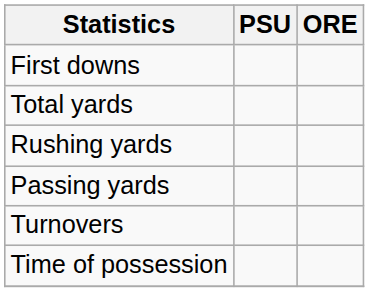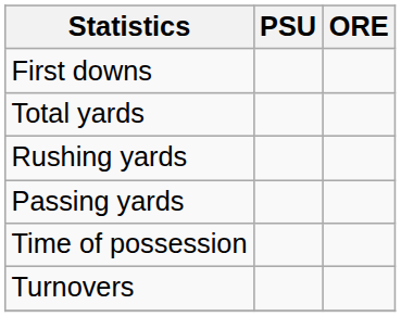 <table class="wikitable" style="float: left;">
 <tr>
 <th>Statistics</th>
 <th>PSU</th>
 <th>ORE</th>
 </tr>
 <tr>
 <td>First downs</td>
 <td></td>
 <td></td>
 </tr>
 <tr>
 <td>Total yards</td>
 <td></td>
 <td></td>
 </tr>
 <tr>
 <td>Rushing yards</td>
 <td></td>
 <td></td>
 </tr>
 <tr>
 <td>Passing yards</td>
 <td></td>
 <td></td>
 </tr>
 <tr>
-<td>Turnovers</td>
+<td>Time of possession</td>
 <td></td>
 <td></td>
 </tr>
 <tr>
-<td>Time of possession</td>
+<td>Turnovers</td>
 <td></td>
 <td></td>
 </tr>
 <tr>
 </tr>
 </table>
